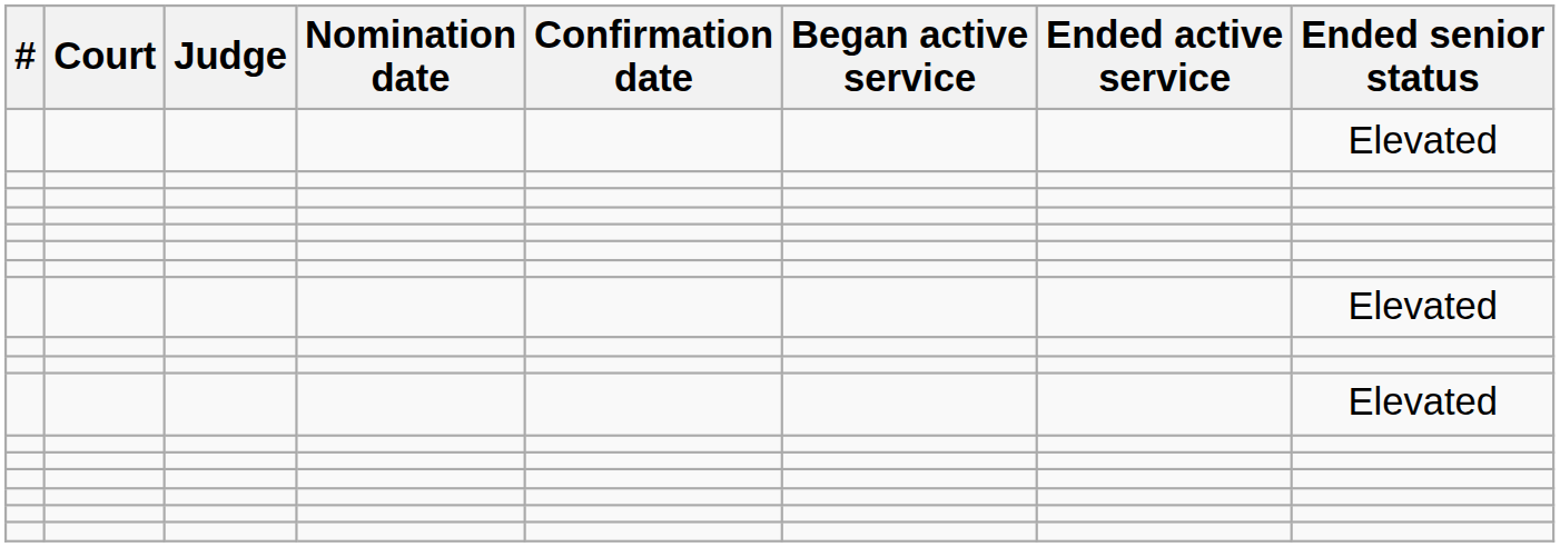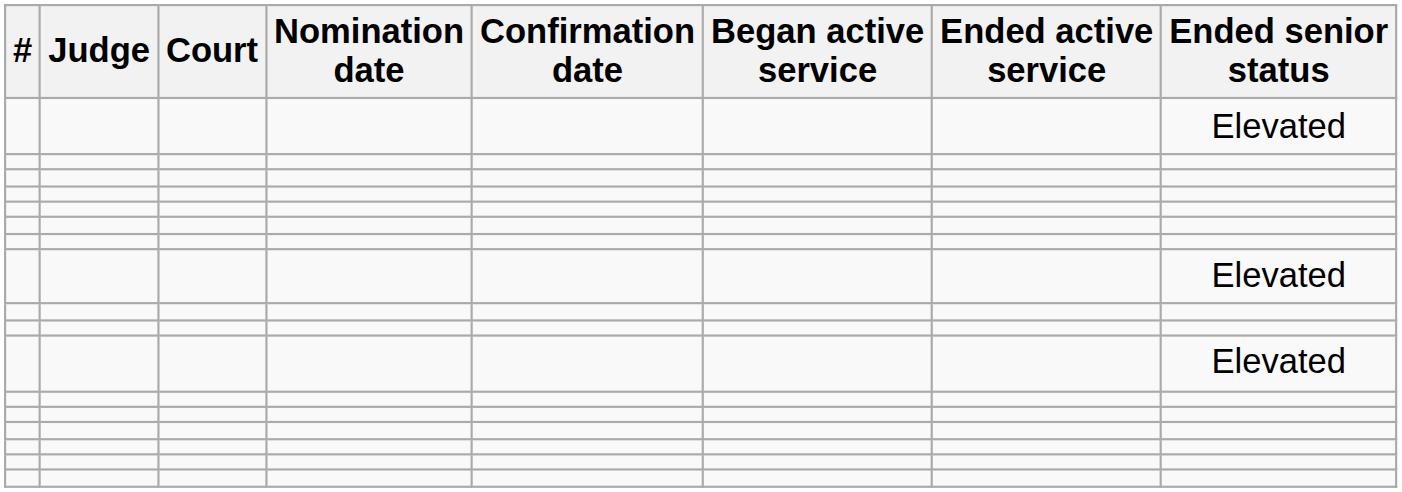 <table class="sortable wikitable">
 <tr bgcolor="#ececec">
 <th>#</th>
+<th>Judge</th>
 <th>Court<br></th>
-<th>Judge</th>
 <th>Nomination<br>date</th>
 <th>Confirmation<br>date</th>
 <th>Began active<br>service</th>
 <th>Ended active<br>service</th>
 <th>Ended senior<br>status</th>
 </tr>
 <tr>
 <td></td>
 <td></td>
 <td></td>
 <td></td>
 <td></td>
 <td></td>
 <td></td>
 <td align="center">Elevated</td>
 </tr>
 <tr>
 <td></td>
 <td></td>
 <td></td>
 <td></td>
 <td></td>
 <td></td>
 <td></td>
 <td align="center"></td>
 </tr>
 <tr>
 <td></td>
 <td></td>
 <td></td>
 <td></td>
 <td></td>
 <td></td>
 <td></td>
 <td align="center"></td>
 </tr>
 <tr>
 <td></td>
 <td></td>
 <td></td>
 <td></td>
 <td></td>
 <td></td>
 <td></td>
 <td align="center"></td>
 </tr>
 <tr>
 <td></td>
 <td></td>
 <td></td>
 <td></td>
 <td></td>
 <td></td>
 <td></td>
 <td align="center"></td>
 </tr>
 <tr>
 <td></td>
 <td></td>
 <td></td>
 <td></td>
 <td></td>
 <td></td>
 <td></td>
 <td align="center"></td>
 </tr>
 <tr>
 <td></td>
 <td></td>
 <td></td>
 <td></td>
 <td></td>
 <td></td>
 <td></td>
 <td align="center"></td>
 </tr>
 <tr>
 <td></td>
 <td></td>
 <td></td>
 <td></td>
 <td></td>
 <td></td>
 <td></td>
 <td align="center">Elevated</td>
 </tr>
 <tr>
 <td></td>
 <td></td>
 <td></td>
 <td></td>
 <td></td>
 <td></td>
 <td></td>
 <td align="center"></td>
 </tr>
 <tr>
 <td></td>
 <td></td>
 <td></td>
 <td></td>
 <td></td>
 <td></td>
 <td></td>
 <td align="center"></td>
 </tr>
 <tr>
 <td></td>
 <td></td>
 <td></td>
 <td></td>
 <td></td>
 <td></td>
 <td></td>
 <td align="center">Elevated</td>
 </tr>
 <tr>
 <td></td>
 <td></td>
 <td></td>
 <td></td>
 <td></td>
 <td></td>
 <td></td>
 <td></td>
 </tr>
 <tr>
 <td></td>
 <td></td>
 <td></td>
 <td></td>
 <td></td>
 <td></td>
 <td></td>
 <td align="center"></td>
 </tr>
 <tr>
 <td></td>
 <td></td>
 <td></td>
 <td></td>
 <td></td>
 <td></td>
 <td></td>
 <td align="center"></td>
 </tr>
 <tr>
 <td></td>
 <td></td>
 <td></td>
 <td></td>
 <td align="center"></td>
 <td></td>
 <td></td>
 <td align="center"></td>
 </tr>
 <tr>
 <td></td>
 <td></td>
 <td></td>
 <td></td>
 <td></td>
 <td></td>
 <td></td>
 <td align="center"></td>
 </tr>
 <tr>
 <td></td>
 <td></td>
 <td></td>
 <td></td>
 <td></td>
 <td></td>
 <td></td>
 <td align="center"></td>
 </tr>
 </table>
